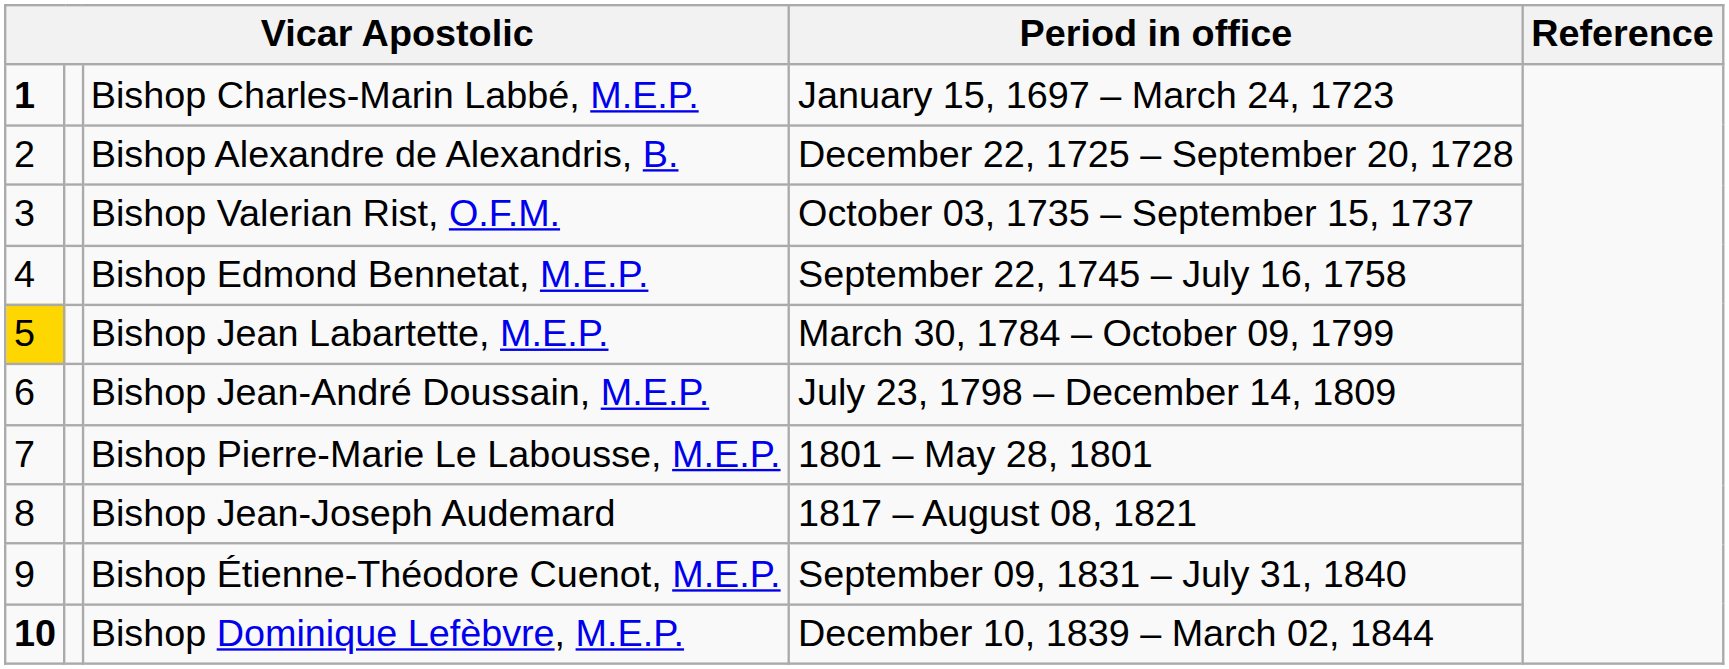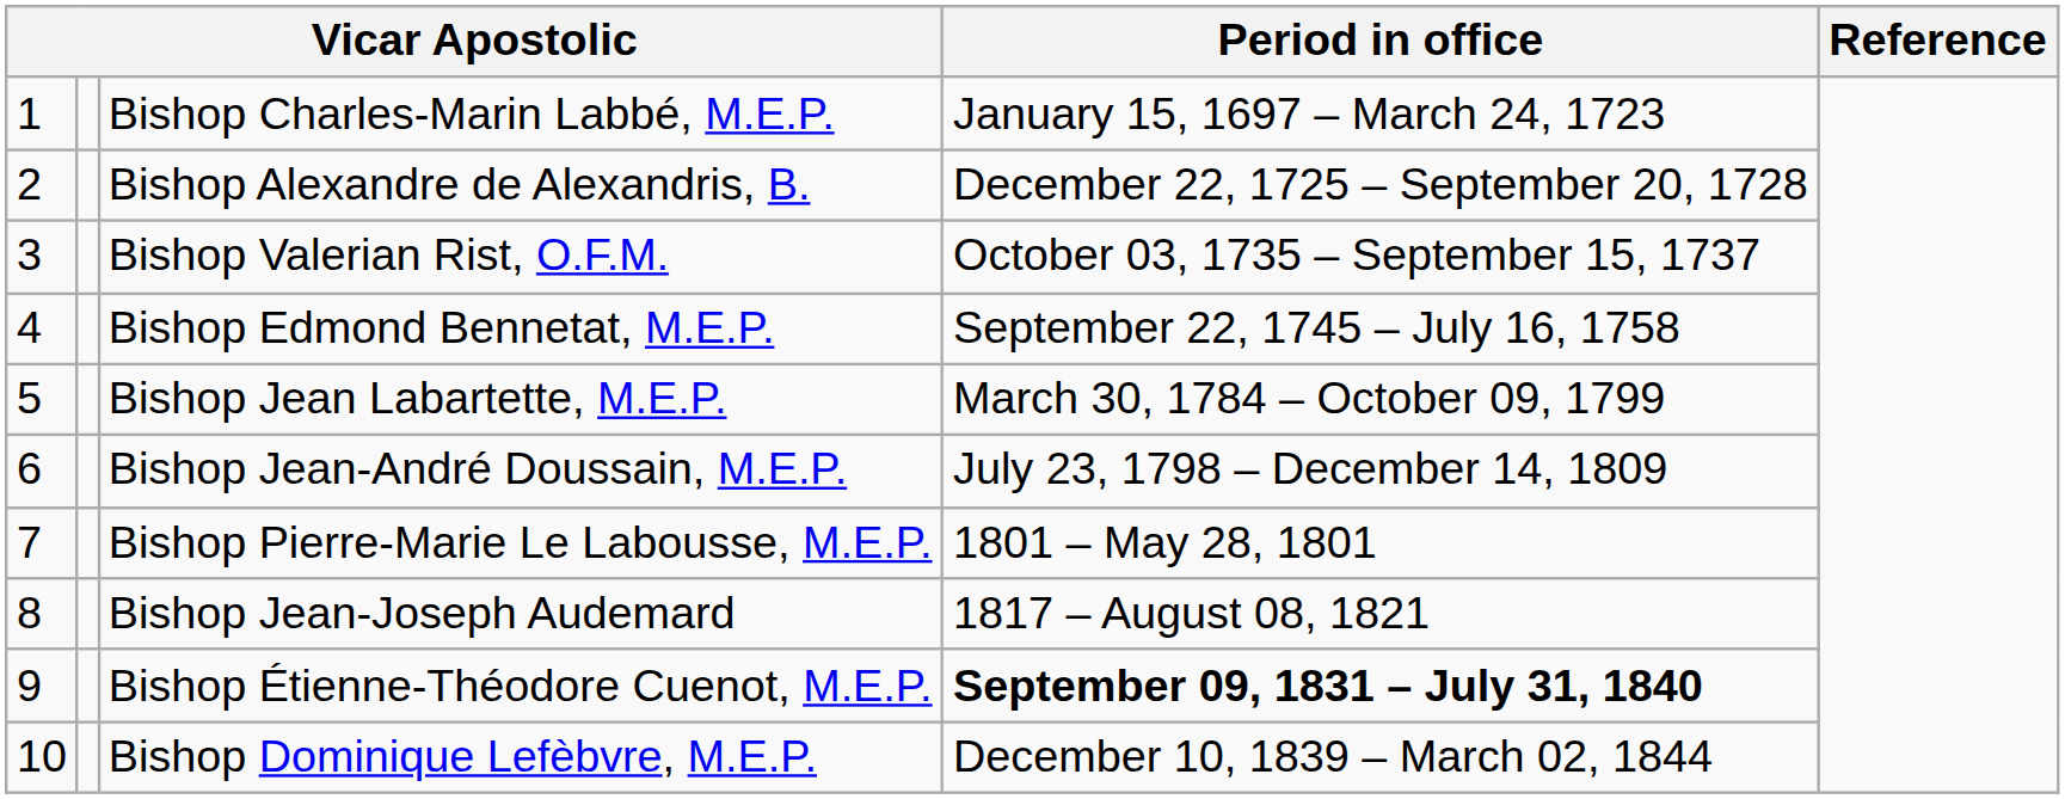 <table class="wikitable">
 <tr>
 <th colspan="3">Vicar Apostolic</th>
 <th>Period in office</th>
 <th>Reference</th>
 </tr>
 <tr>
-<td><strong>1</strong></td>
+<td>1</td>
 <td></td>
 <td>Bishop Charles-Marin Labbé, <a href='#'>M.E.P.</a></td>
 <td>January 15, 1697 – March 24, 1723</td>
 <td rowspan=10></td>
 </tr>
 <tr>
 <td>2</td>
 <td></td>
 <td>Bishop Alexandre de Alexandris, <a href='#'>B.</a></td>
 <td>December 22, 1725 – September 20, 1728</td>
 </tr>
 <tr>
 <td>3</td>
 <td></td>
 <td>Bishop Valerian Rist, <a href='#'>O.F.M.</a></td>
 <td>October 03, 1735 – September 15, 1737</td>
 </tr>
 <tr>
 <td>4</td>
 <td></td>
 <td>Bishop Edmond Bennetat, <a href='#'>M.E.P.</a></td>
 <td>September 22, 1745 – July 16, 1758</td>
 </tr>
 <tr>
-<td style="background: gold;">5</td>
+<td>5</td>
 <td></td>
 <td>Bishop Jean Labartette, <a href='#'>M.E.P.</a></td>
 <td>March 30, 1784 – October 09, 1799</td>
 </tr>
 <tr>
 <td>6</td>
 <td></td>
 <td>Bishop Jean-André Doussain, <a href='#'>M.E.P.</a></td>
 <td>July 23, 1798 – December 14, 1809</td>
 </tr>
 <tr>
 <td>7</td>
 <td></td>
 <td>Bishop Pierre-Marie Le Labousse, <a href='#'>M.E.P.</a></td>
 <td>1801 – May 28, 1801</td>
 </tr>
 <tr>
 <td>8</td>
 <td></td>
 <td>Bishop Jean-Joseph Audemard</td>
 <td>1817 – August 08, 1821</td>
 </tr>
 <tr>
 <td>9</td>
 <td></td>
 <td>Bishop Étienne-Théodore Cuenot, <a href='#'>M.E.P.</a></td>
-<td>September 09, 1831 – July 31, 1840</td>
+<td><strong>September 09, 1831 – July 31, 1840</strong></td>
 </tr>
 <tr>
-<td><strong>10</strong></td>
+<td>10</td>
 <td></td>
 <td>Bishop <a href='#'>Dominique Lefèbvre</a>, <a href='#'>M.E.P.</a></td>
 <td>December 10, 1839 – March 02, 1844</td>
 </tr>
 </table>
